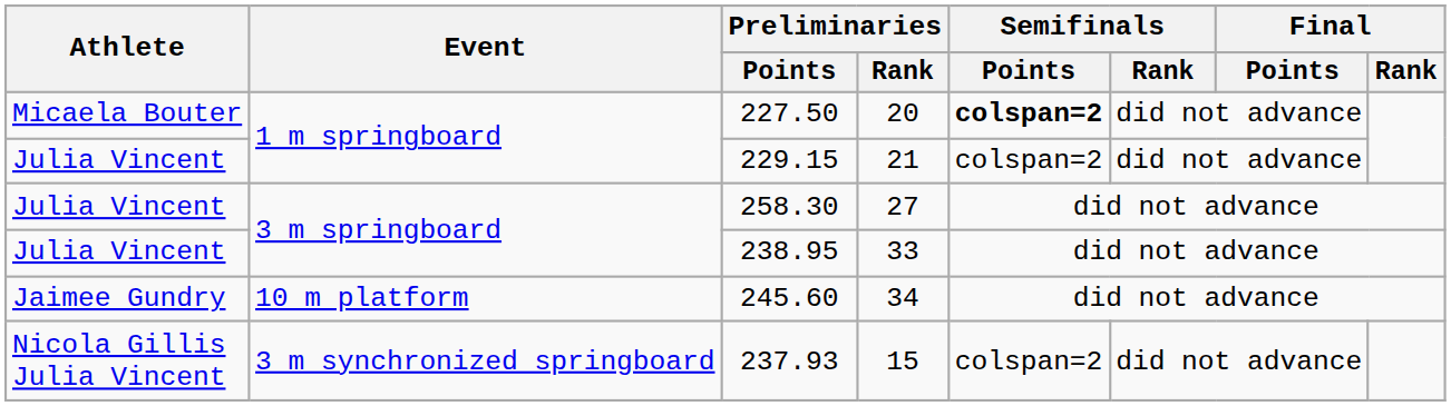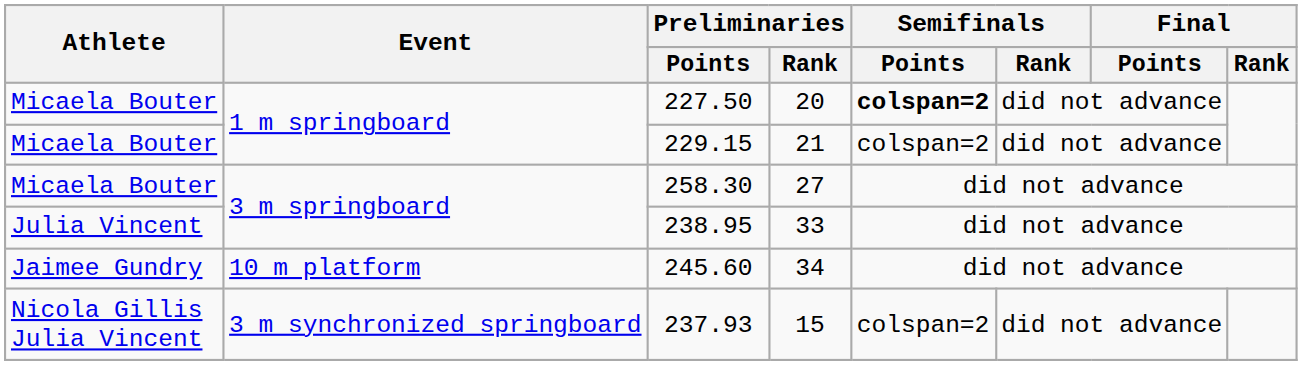 <table class=wikitable style="font-size:90%;">
 <tr>
 <th rowspan="2">Athlete</th>
 <th rowspan="2">Event</th>
 <th colspan="2">Preliminaries</th>
 <th colspan="2">Semifinals</th>
 <th colspan="2">Final</th>
 </tr>
 <tr style="font-size:95%">
 <th>Points</th>
 <th>Rank</th>
 <th>Points</th>
 <th>Rank</th>
 <th>Points</th>
 <th>Rank</th>
 </tr>
 <tr align=center>
 <td align=left><a href='#'>Micaela Bouter</a></td>
 <td align=left rowspan=2><a href='#'>1 m springboard</a></td>
 <td>227.50</td>
 <td>20</td>
 <td><strong>colspan=2 </strong></td>
 <td colspan=2>did not advance</td>
 </tr>
 <tr align=center>
-<td align=left><a href='#'>Julia Vincent</a></td>
+<td align=left><a href='#'>Micaela Bouter</a></td>
 <td>229.15</td>
 <td>21</td>
 <td>colspan=2 </td>
 <td colspan=2>did not advance</td>
 </tr>
 <tr align=center>
-<td align=left><a href='#'>Julia Vincent</a></td>
+<td align=left><a href='#'>Micaela Bouter</a></td>
 <td align=left rowspan=2><a href='#'>3 m springboard</a></td>
 <td>258.30</td>
 <td>27</td>
 <td colspan=4>did not advance</td>
 </tr>
 <tr align=center>
 <td align=left><a href='#'>Julia Vincent</a></td>
 <td>238.95</td>
 <td>33</td>
 <td colspan=4>did not advance</td>
 </tr>
 <tr align=center>
 <td align=left><a href='#'>Jaimee Gundry</a></td>
 <td align=left><a href='#'>10 m platform</a></td>
 <td>245.60</td>
 <td>34</td>
 <td colspan=4>did not advance</td>
 </tr>
 <tr align=center>
 <td align=left><a href='#'>Nicola Gillis</a><br><a href='#'>Julia Vincent</a></td>
 <td align=left><a href='#'>3 m synchronized springboard</a></td>
 <td>237.93</td>
 <td>15</td>
 <td>colspan=2 </td>
 <td colspan=2>did not advance</td>
 </tr>
 </table>
